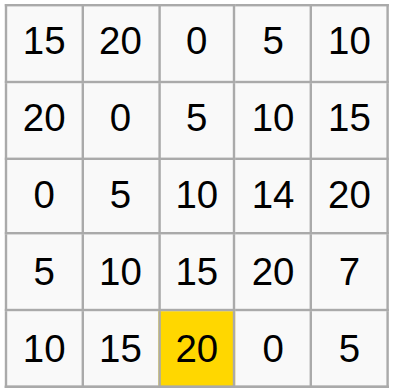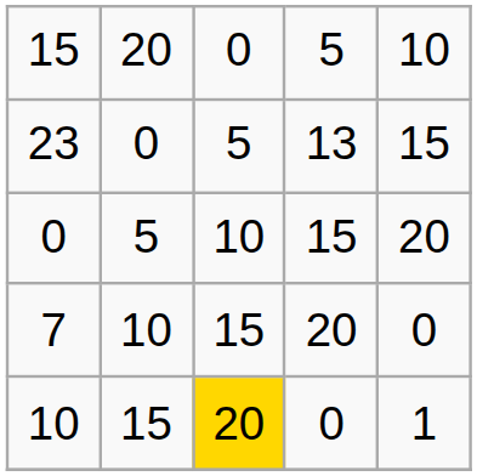 <table class="wikitable" style="margin-left:auto;margin-right:auto;text-align:center;width:10em;height:10em;table-layout:fixed;">
 <tr>
 <td>15</td>
 <td>20</td>
 <td>0</td>
 <td>5</td>
 <td>10</td>
 </tr>
 <tr>
-<td>20</td>
+<td>23</td>
 <td>0</td>
 <td>5</td>
-<td>10</td>
+<td>13</td>
 <td>15</td>
 </tr>
 <tr>
 <td>0</td>
 <td>5</td>
 <td>10</td>
-<td>14</td>
+<td>15</td>
 <td>20</td>
 </tr>
 <tr>
-<td>5</td>
+<td>7</td>
 <td>10</td>
 <td>15</td>
 <td>20</td>
-<td>7</td>
+<td>0</td>
 </tr>
 <tr>
 <td>10</td>
 <td>15</td>
 <td style="background: gold;">20</td>
 <td>0</td>
-<td>5</td>
+<td>1</td>
 </tr>
 <tr>
 </tr>
 </table>
